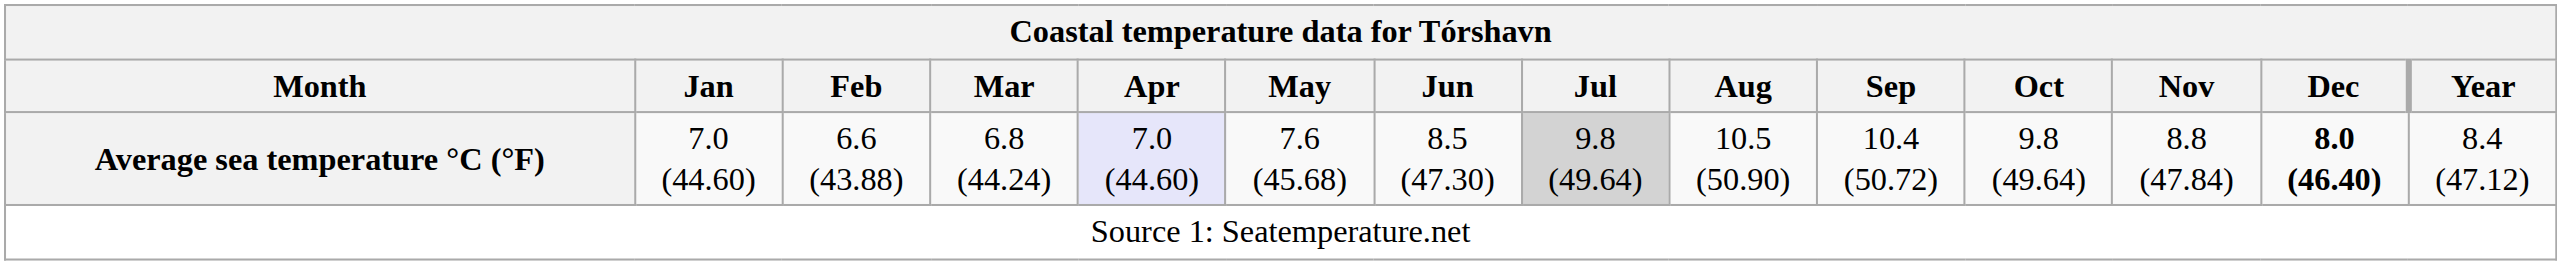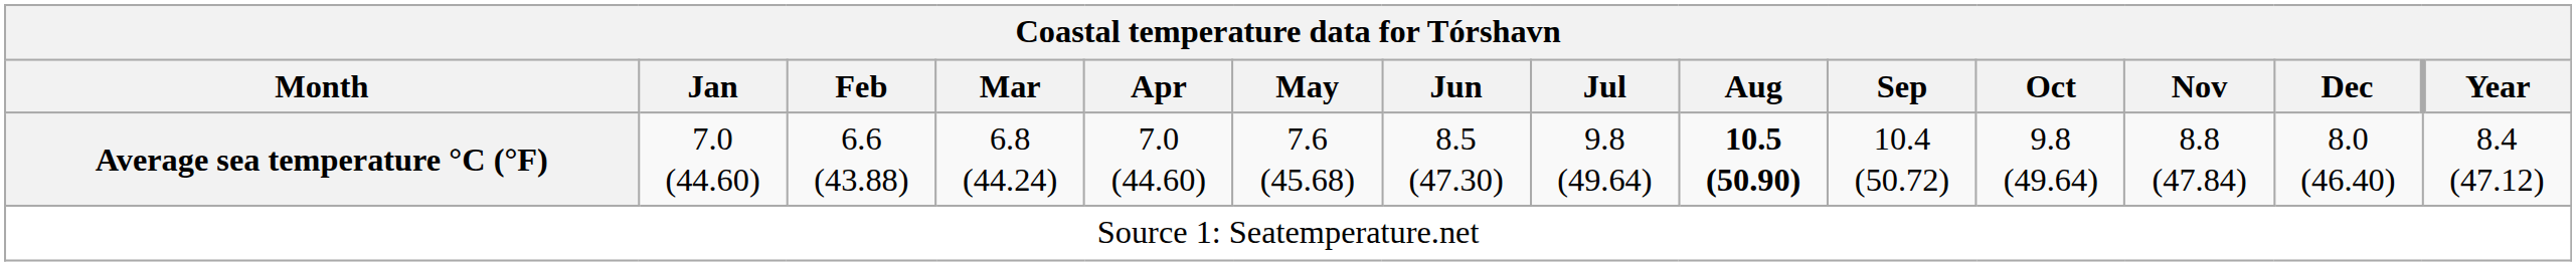 <table style="width:100%;text-align:center;line-height:1.2em;margin-left:auto;margin-right:auto" class="wikitable">
 <tr>
 <th Colspan=14>Coastal temperature data for Tórshavn</th>
 </tr>
 <tr>
 <th>Month</th>
 <th>Jan</th>
 <th>Feb</th>
 <th>Mar</th>
 <th>Apr</th>
 <th>May</th>
 <th>Jun</th>
 <th>Jul</th>
 <th>Aug</th>
 <th>Sep</th>
 <th>Oct</th>
 <th>Nov</th>
 <th>Dec</th>
 <th style="border-left-width:medium">Year</th>
 </tr>
 <tr>
 <th>Average sea temperature °C (°F)</th>
 <td>7.0<br>(44.60)</td>
 <td>6.6<br>(43.88)</td>
 <td>6.8<br>(44.24)</td>
-<td style="background: lavender;">7.0<br>(44.60)</td>
+<td>7.0<br>(44.60)</td>
 <td>7.6<br>(45.68)</td>
 <td>8.5<br>(47.30)</td>
-<td style="background: lightgrey;">9.8<br>(49.64)</td>
-<td>10.5<br>(50.90)</td>
+<td>9.8<br>(49.64)</td>
+<td><strong>10.5<br>(50.90)</strong></td>
 <td>10.4<br>(50.72)</td>
 <td>9.8<br>(49.64)</td>
 <td>8.8<br>(47.84)</td>
-<td><strong>8.0<br>(46.40)</strong></td>
+<td>8.0<br>(46.40)</td>
 <td>8.4<br>(47.12)</td>
 </tr>
 <tr>
 <th Colspan=14 style="background:#ffffff;font-weight:normal;font-size:100%;">Source 1: Seatemperature.net</th>
 </tr>
 </table>
